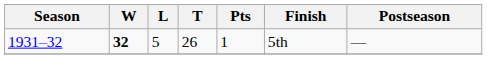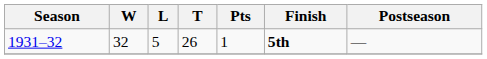 <table class="wikitable" width=39%>
 <tr>
 <th>Season</th>
 <th>W</th>
 <th>L</th>
 <th>T</th>
 <th>Pts</th>
 <th>Finish</th>
 <th>Postseason</th>
 </tr>
 <tr>
 <td><a href='#'>1931–32</a></td>
-<td><strong>32</strong></td>
+<td>32</td>
 <td>5</td>
 <td>26</td>
 <td>1</td>
-<td>5th</td>
+<td><strong>5th</strong></td>
 <td>—</td>
 </tr>
 <tr>
 </tr>
 </table>
